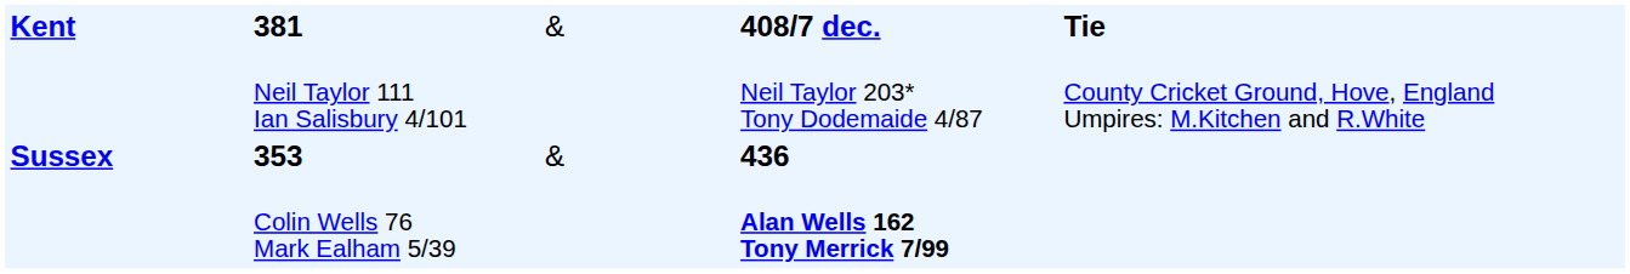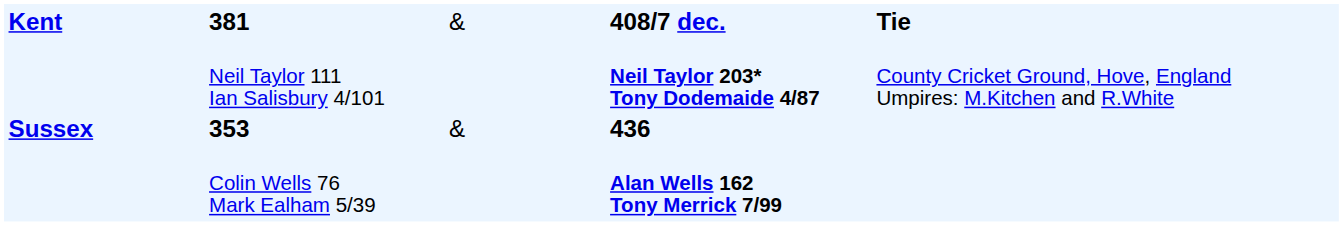 <table width="100%" style="background: #EBF5FF">
 <tr>
 <td width="15%" valign="top" rowspan="2"><strong><a href='#'>Kent</a></strong></td>
 <td width="18%"><strong>381</strong></td>
 <td width="12%">&</td>
 <td width="20%"><strong>408/7 <a href='#'>dec.</a> </strong></td>
 <td width="35%"><strong>Tie</strong></td>
 </tr>
 <tr>
 <td style="font-size: 85%;" valign="top"><br><a href='#'>Neil Taylor</a> 111<br> <a href='#'>Ian Salisbury</a> 4/101</td>
 <td></td>
-<td style="font-size: 85%;"><br><a href='#'>Neil Taylor</a> 203*<br> <a href='#'>Tony Dodemaide</a> 4/87</td>
+<td style="font-size: 85%;"><strong><br><a href='#'>Neil Taylor</a> 203*<br> <a href='#'>Tony Dodemaide</a> 4/87</strong></td>
 <td valign="top" style="font-size: 85%;" rowspan="3"><br><a href='#'>County Cricket Ground, Hove</a>, <a href='#'>England</a><br> Umpires: <a href='#'>M.Kitchen</a> and <a href='#'>R.White</a></td>
 </tr>
 <tr>
 <td valign="top" rowspan="2"><strong><a href='#'>Sussex</a></strong></td>
 <td><strong>353</strong></td>
 <td>&</td>
 <td><strong>436</strong></td>
 </tr>
 <tr>
 <td style="font-size: 85%;"><br><a href='#'>Colin Wells</a> 76<br> <a href='#'>Mark Ealham</a> 5/39</td>
 <td></td>
 <td valign="top" style="font-size: 85%;"><strong><br><a href='#'>Alan Wells</a> 162<br> <a href='#'>Tony Merrick</a> 7/99</strong></td>
 </tr>
 </table>
